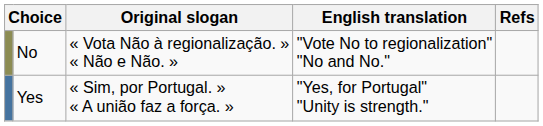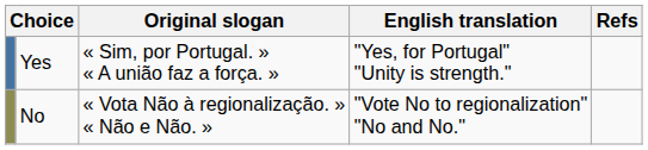 <table class="wikitable" style="font-size:97%; text-align:left;">
 <tr>
 <th style="text-align:left;" colspan="2">Choice</th>
 <th>Original slogan</th>
 <th>English translation</th>
 <th>Refs</th>
 </tr>
 <tr>
+<td width="1" style="color:inherit;background:#45739f"></td>
+<td>Yes</td>
+<td>« Sim, por Portugal. »<br>« A união faz a força. »</td>
+<td>"Yes, for Portugal"<br>"Unity is strength."</td>
+<td></td>
+</tr>
+<tr>
 <td style="color:inherit;background:#8c8c53"></td>
 <td>No</td>
 <td>« Vota Não à regionalização. »<br>« Não e Não. »</td>
 <td>"Vote No to regionalization"<br>"No and No."</td>
 <td></td>
 </tr>
-<tr>
-<td width="1" style="color:inherit;background:#45739f"></td>
-<td>Yes</td>
-<td>« Sim, por Portugal. »<br>« A união faz a força. »</td>
-<td>"Yes, for Portugal"<br>"Unity is strength."</td>
-<td></td>
-</tr>
 </table>
